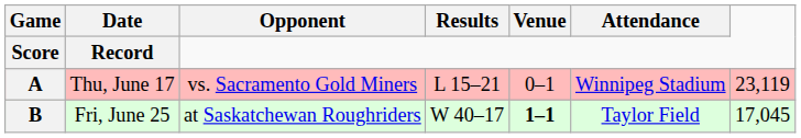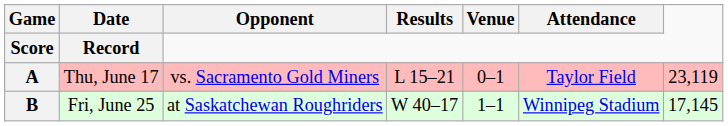 <table class="wikitable" style="text-align:center">
 <tr>
 <th>Game</th>
 <th>Date</th>
 <th>Opponent</th>
 <th>Results</th>
 <th>Venue</th>
 <th>Attendance</th>
 </tr>
 <tr>
 <th>Score</th>
 <th>Record</th>
 </tr>
 <tr style="background:#ffbbbb">
 <th>A</th>
 <td>Thu, June 17</td>
 <td>vs. <a href='#'>Sacramento Gold Miners</a></td>
 <td>L 15–21</td>
 <td>0–1</td>
-<td><a href='#'>Winnipeg Stadium</a></td>
+<td><a href='#'>Taylor Field</a></td>
 <td>23,119</td>
 </tr>
 <tr style="background:#ddffdd">
 <th>B</th>
 <td>Fri, June 25</td>
 <td>at <a href='#'>Saskatchewan Roughriders</a></td>
 <td>W 40–17</td>
-<td><strong>1–1</strong></td>
-<td><a href='#'>Taylor Field</a></td>
-<td>17,045</td>
+<td>1–1</td>
+<td><a href='#'>Winnipeg Stadium</a></td>
+<td>17,145</td>
 </tr>
 </table>
